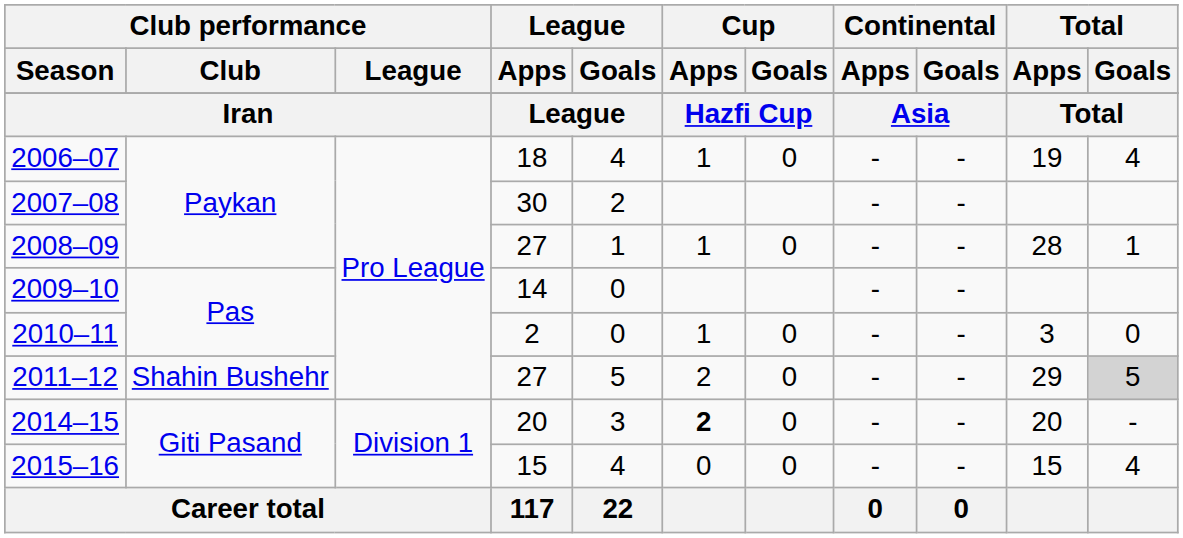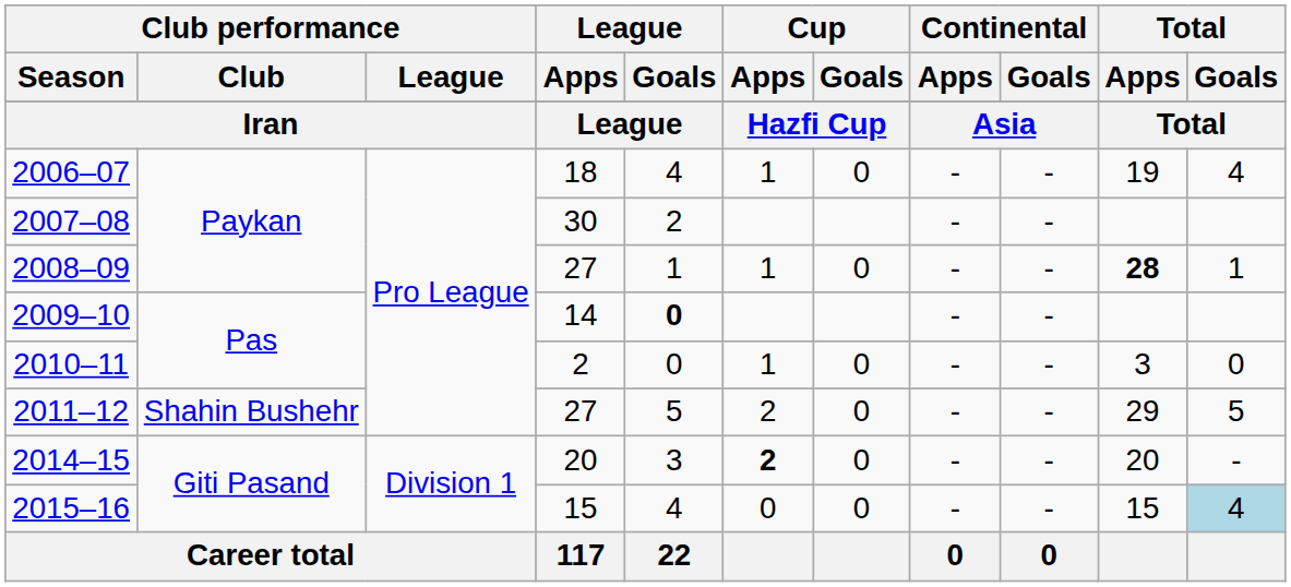 <table class="wikitable" style="text-align:center">
 <tr>
 <th colspan=3>Club performance</th>
 <th colspan=2>League</th>
 <th colspan=2>Cup</th>
 <th colspan=2>Continental</th>
 <th colspan=2>Total</th>
 </tr>
 <tr>
 <th>Season</th>
 <th>Club</th>
 <th>League</th>
 <th>Apps</th>
 <th>Goals</th>
 <th>Apps</th>
 <th>Goals</th>
 <th>Apps</th>
 <th>Goals</th>
 <th>Apps</th>
 <th>Goals</th>
 </tr>
 <tr>
 </tr>
 <tr>
 <th colspan=3>Iran</th>
 <th colspan=2>League</th>
 <th colspan=2><a href='#'>Hazfi Cup</a></th>
 <th colspan=2><a href='#'>Asia</a></th>
 <th colspan=2>Total</th>
 </tr>
 <tr>
 <td><a href='#'>2006–07</a></td>
 <td rowspan="3"><a href='#'>Paykan</a></td>
 <td rowspan="6"><a href='#'>Pro League</a></td>
 <td>18</td>
 <td>4</td>
 <td>1</td>
 <td>0</td>
 <td>-</td>
 <td>-</td>
 <td>19</td>
 <td>4</td>
 </tr>
 <tr>
 <td><a href='#'>2007–08</a></td>
 <td>30</td>
 <td>2</td>
 <td></td>
 <td></td>
 <td>-</td>
 <td>-</td>
 <td></td>
 <td></td>
 </tr>
 <tr>
 <td><a href='#'>2008–09</a></td>
 <td>27</td>
 <td>1</td>
 <td>1</td>
 <td>0</td>
 <td>-</td>
 <td>-</td>
-<td>28</td>
+<td><strong>28</strong></td>
 <td>1</td>
 </tr>
 <tr>
 <td><a href='#'>2009–10</a></td>
 <td rowspan="2"><a href='#'>Pas</a></td>
 <td>14</td>
-<td>0</td>
+<td><strong>0</strong></td>
 <td></td>
 <td></td>
 <td>-</td>
 <td>-</td>
 <td></td>
 <td></td>
 </tr>
 <tr>
 <td><a href='#'>2010–11</a></td>
 <td>2</td>
 <td>0</td>
 <td>1</td>
 <td>0</td>
 <td>-</td>
 <td>-</td>
 <td>3</td>
 <td>0</td>
 </tr>
 <tr>
 <td><a href='#'>2011–12</a></td>
 <td><a href='#'>Shahin Bushehr</a></td>
 <td>27</td>
 <td>5</td>
 <td>2</td>
 <td>0</td>
 <td>-</td>
 <td>-</td>
 <td>29</td>
-<td style="background: lightgrey;">5</td>
+<td>5</td>
 </tr>
 <tr>
 <td><a href='#'>2014–15</a></td>
 <td rowspan="2"><a href='#'>Giti Pasand</a></td>
 <td rowspan="2"><a href='#'>Division 1</a></td>
 <td>20</td>
 <td>3</td>
 <td><strong>2</strong></td>
 <td>0</td>
 <td>-</td>
 <td>-</td>
 <td>20</td>
 <td 3>-</td>
 </tr>
 <tr>
 <td><a href='#'>2015–16</a></td>
 <td>15</td>
 <td>4</td>
 <td>0</td>
 <td>0</td>
 <td>-</td>
 <td>-</td>
 <td>15</td>
-<td>4</td>
+<td style="background: lightblue;">4</td>
 </tr>
 <tr>
 <th colspan=3>Career total</th>
 <th>117</th>
 <th>22</th>
 <th></th>
 <th></th>
 <th>0</th>
 <th>0</th>
 <th></th>
 <th></th>
 </tr>
 </table>
